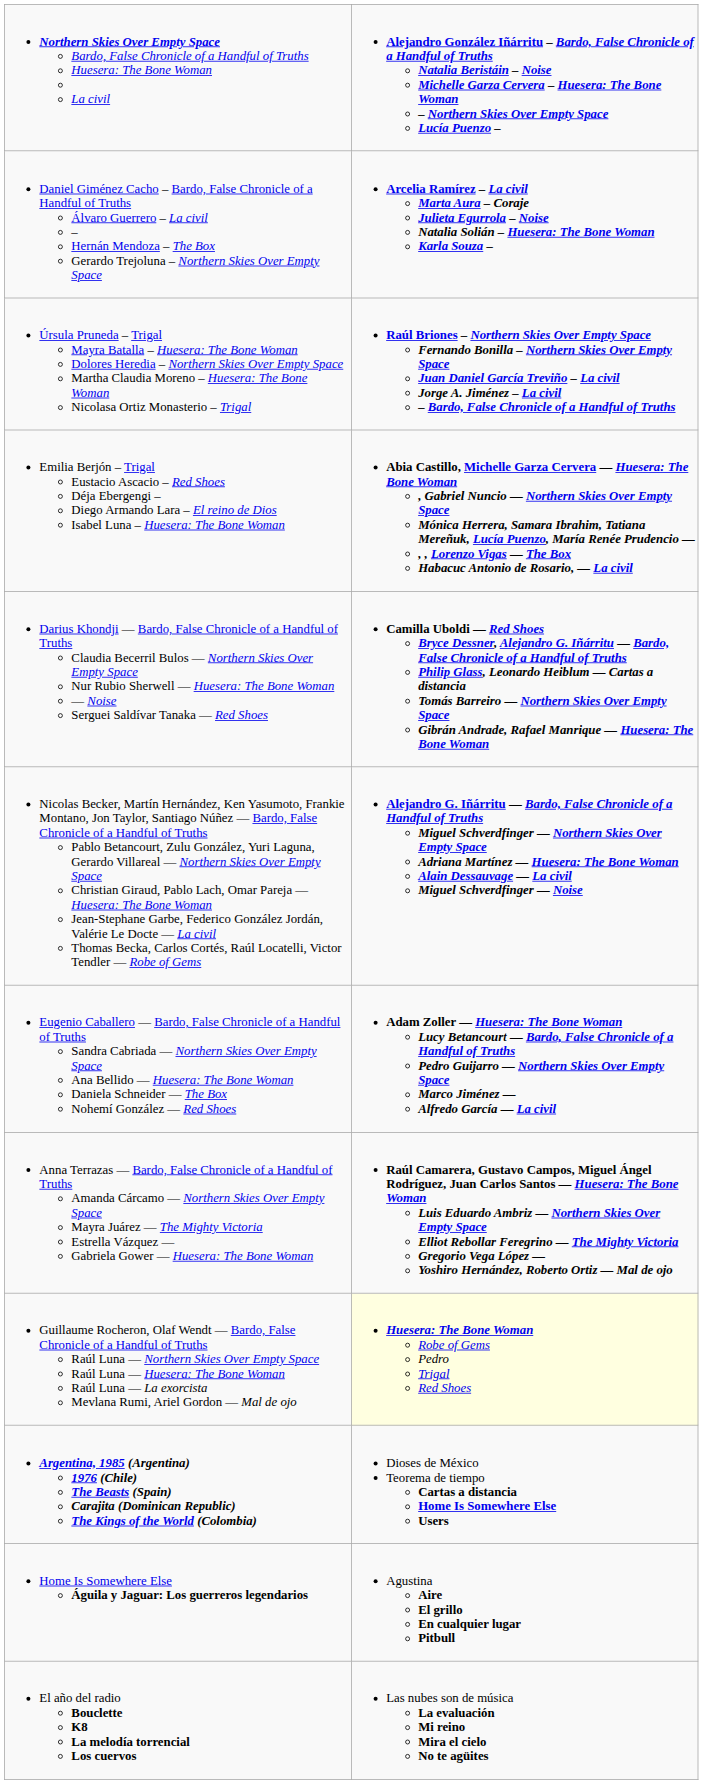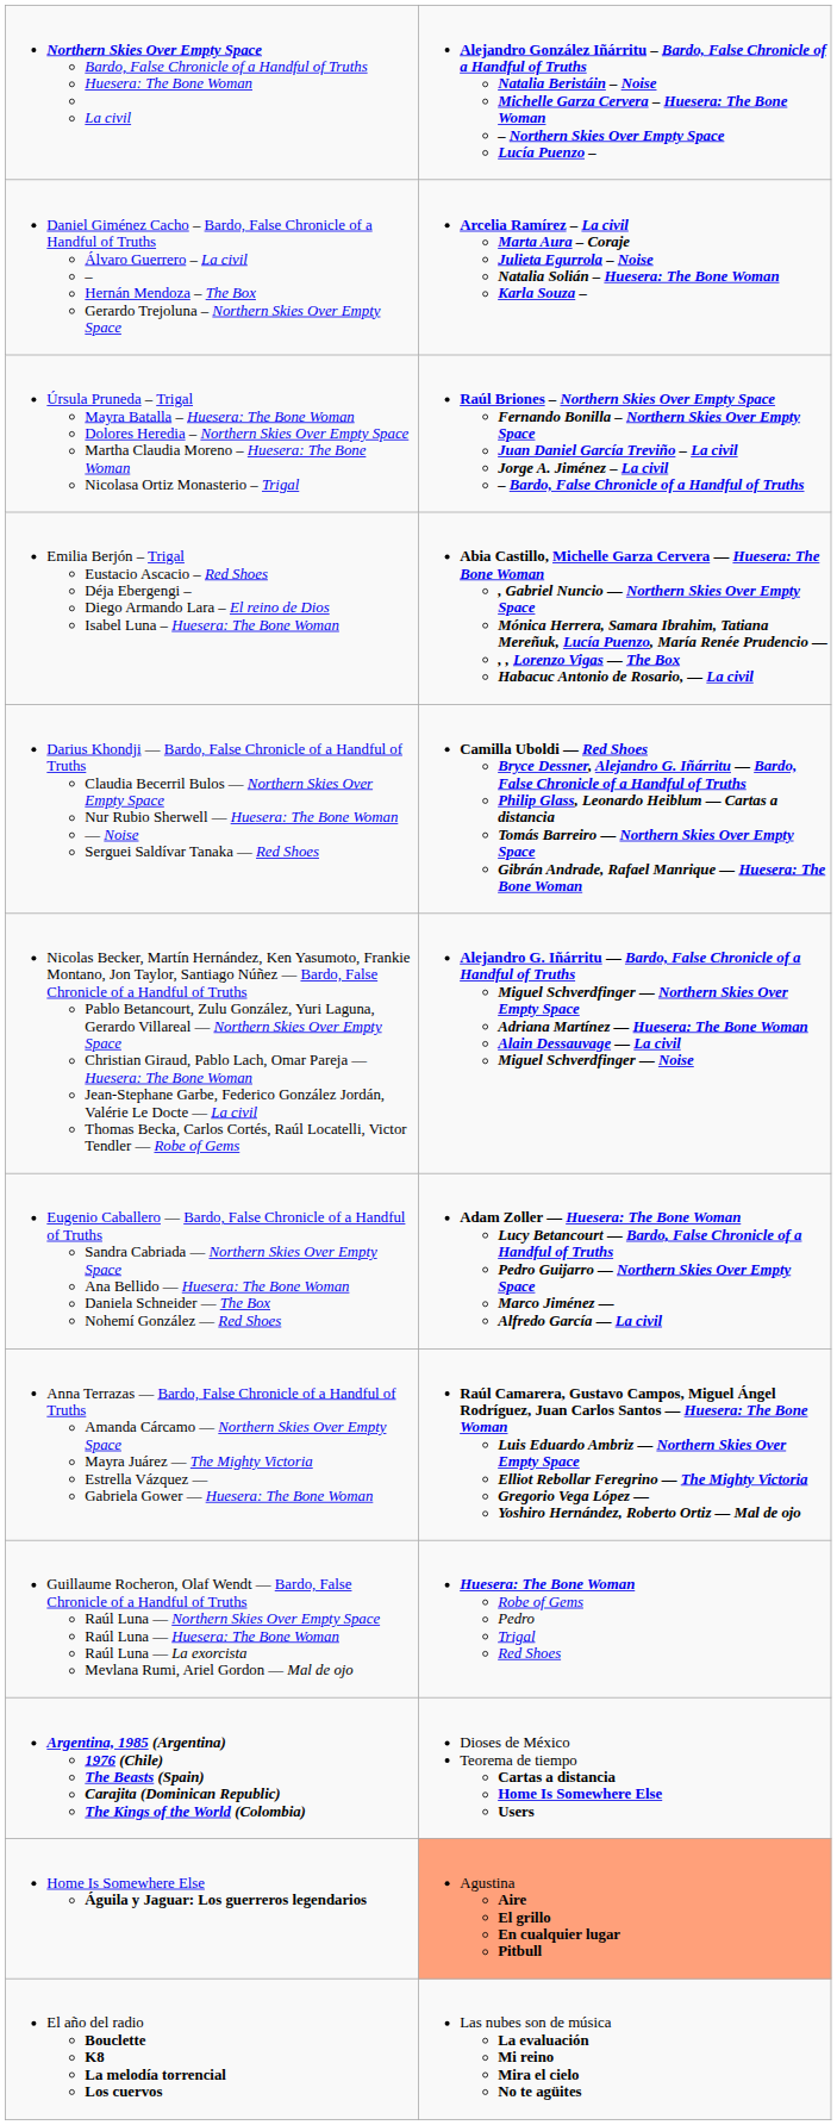 <table role="presentation" class=wikitable>
 <tr>
 <td style="vertical-align:top;" width="50%"><br><ul><li><strong><em><a href='#'>Northern Skies Over Empty Space</a></em></strong><ul><li><em><a href='#'>Bardo, False Chronicle of a Handful of Truths</a></em></li><li><em><a href='#'>Huesera: The Bone Woman</a></em></li><li><em></em></li><li><em><a href='#'>La civil</a></em></li></ul></li></ul></td>
 <td style="vertical-align:top;" width="50%"><br><ul><li><strong><a href='#'>Alejandro González Iñárritu</a> – <em><a href='#'>Bardo, False Chronicle of a Handful of Truths</a><strong><em><ul><li><a href='#'>Natalia Beristáin</a> – </em><a href='#'>Noise</a><em></li><li><a href='#'>Michelle Garza Cervera</a> – </em><a href='#'>Huesera: The Bone Woman</a><em></li><li> – </em><a href='#'>Northern Skies Over Empty Space</a><em></li><li><a href='#'>Lucía Puenzo</a> – </em><em></li></ul></li></ul></td>
 </tr>
 <tr>
 <td style="vertical-align:top;" width="50%"><br><ul><li></strong><a href='#'>Daniel Giménez Cacho</a> – </em><a href='#'>Bardo, False Chronicle of a Handful of Truths</a></em></strong><ul><li><a href='#'>Álvaro Guerrero</a> – <em><a href='#'>La civil</a></em></li><li> – <em></em></li><li><a href='#'>Hernán Mendoza</a> – <em><a href='#'>The Box</a></em></li><li>Gerardo Trejoluna – <em><a href='#'>Northern Skies Over Empty Space</a></em></li></ul></li></ul></td>
 <td style="vertical-align:top;" width="50%"><br><ul><li><strong><a href='#'>Arcelia Ramírez</a> – <em><a href='#'>La civil</a><strong><em><ul><li><a href='#'>Marta Aura</a> – </em>Coraje<em></li><li><a href='#'>Julieta Egurrola</a> – </em><a href='#'>Noise</a><em></li><li>Natalia Solián – </em><a href='#'>Huesera: The Bone Woman</a><em></li><li><a href='#'>Karla Souza</a> – </em><em></li></ul></li></ul></td>
 </tr>
 <tr>
 <td style="vertical-align:top;" width="50%"><br><ul><li></strong><a href='#'>Úrsula Pruneda</a> – </em><a href='#'>Trigal</a></em></strong><ul><li><a href='#'>Mayra Batalla</a> – <em><a href='#'>Huesera: The Bone Woman</a></em></li><li><a href='#'>Dolores Heredia</a> – <em><a href='#'>Northern Skies Over Empty Space</a></em></li><li>Martha Claudia Moreno – <em><a href='#'>Huesera: The Bone Woman</a></em></li><li>Nicolasa Ortiz Monasterio – <em><a href='#'>Trigal</a></em></li></ul></li></ul></td>
 <td style="vertical-align:top;" width="50%"><br><ul><li><strong><a href='#'>Raúl Briones</a> – <em><a href='#'>Northern Skies Over Empty Space</a><strong><em><ul><li>Fernando Bonilla – </em><a href='#'>Northern Skies Over Empty Space</a><em></li><li><a href='#'>Juan Daniel García Treviño</a> – </em><a href='#'>La civil</a><em></li><li>Jorge A. Jiménez – </em><a href='#'>La civil</a><em></li><li> – </em><a href='#'>Bardo, False Chronicle of a Handful of Truths</a><em></li></ul></li></ul></td>
 </tr>
 <tr>
 <td style="vertical-align:top;" width="50%"><br><ul><li></strong>Emilia Berjón – </em><a href='#'>Trigal</a></em></strong><ul><li>Eustacio Ascacio – <em><a href='#'>Red Shoes</a></em></li><li>Déja Ebergengi – <em></em></li><li>Diego Armando Lara – <em><a href='#'>El reino de Dios</a></em></li><li>Isabel Luna – <em><a href='#'>Huesera: The Bone Woman</a></em></li></ul></li></ul></td>
 <td style="vertical-align:top;" width="50%"><br><ul><li><strong>Abia Castillo, <a href='#'>Michelle Garza Cervera</a> — <em><a href='#'>Huesera: The Bone Woman</a><strong><em><ul><li>, Gabriel Nuncio — </em><a href='#'>Northern Skies Over Empty Space</a><em></li><li>Mónica Herrera, Samara Ibrahim, Tatiana Mereñuk, <a href='#'>Lucía Puenzo</a>, María Renée Prudencio — </em><em></li><li>, , <a href='#'>Lorenzo Vigas</a> — </em><a href='#'>The Box</a><em></li><li>Habacuc Antonio de Rosario,  — </em><a href='#'>La civil</a><em></li></ul></li></ul></td>
 </tr>
 <tr>
 <td style="vertical-align:top;" width="50%"><br><ul><li></strong><a href='#'>Darius Khondji</a> — </em><a href='#'>Bardo, False Chronicle of a Handful of Truths</a></em></strong><ul><li>Claudia Becerril Bulos — <em><a href='#'>Northern Skies Over Empty Space</a></em></li><li>Nur Rubio Sherwell — <em><a href='#'>Huesera: The Bone Woman</a></em></li><li> — <em><a href='#'>Noise</a></em></li><li>Serguei Saldívar Tanaka — <em><a href='#'>Red Shoes</a></em></li></ul></li></ul></td>
 <td style="vertical-align:top;" width="50%"><br><ul><li><strong>Camilla Uboldi — <em><a href='#'>Red Shoes</a><strong><em><ul><li><a href='#'>Bryce Dessner</a>, <a href='#'>Alejandro G. Iñárritu</a> — </em><a href='#'>Bardo, False Chronicle of a Handful of Truths</a><em></li><li><a href='#'>Philip Glass</a>, Leonardo Heiblum — </em>Cartas a distancia<em></li><li>Tomás Barreiro — </em><a href='#'>Northern Skies Over Empty Space</a><em></li><li>Gibrán Andrade, Rafael Manrique — </em><a href='#'>Huesera: The Bone Woman</a><em></li></ul></li></ul></td>
 </tr>
 <tr>
 <td style="vertical-align:top;" width="50%"><br><ul><li></strong>Nicolas Becker, Martín Hernández, Ken Yasumoto, Frankie Montano, Jon Taylor, Santiago Núñez — </em><a href='#'>Bardo, False Chronicle of a Handful of Truths</a></em></strong><ul><li>Pablo Betancourt, Zulu González, Yuri Laguna, Gerardo Villareal — <em><a href='#'>Northern Skies Over Empty Space</a></em></li><li>Christian Giraud, Pablo Lach, Omar Pareja — <em><a href='#'>Huesera: The Bone Woman</a></em></li><li>Jean-Stephane Garbe, Federico González Jordán, Valérie Le Docte — <em><a href='#'>La civil</a></em></li><li>Thomas Becka, Carlos Cortés, Raúl Locatelli, Victor Tendler — <em><a href='#'>Robe of Gems</a></em></li></ul></li></ul></td>
 <td style="vertical-align:top;" width="50%"><br><ul><li><strong><a href='#'>Alejandro G. Iñárritu</a> — <em><a href='#'>Bardo, False Chronicle of a Handful of Truths</a><strong><em><ul><li>Miguel Schverdfinger — </em><a href='#'>Northern Skies Over Empty Space</a><em></li><li>Adriana Martínez — </em><a href='#'>Huesera: The Bone Woman</a><em></li><li><a href='#'>Alain Dessauvage</a> — </em><a href='#'>La civil</a><em></li><li>Miguel Schverdfinger — </em><a href='#'>Noise</a><em></li></ul></li></ul></td>
 </tr>
 <tr>
 <td style="vertical-align:top;" width="50%"><br><ul><li></strong><a href='#'>Eugenio Caballero</a> — </em><a href='#'>Bardo, False Chronicle of a Handful of Truths</a></em></strong><ul><li>Sandra Cabriada — <em><a href='#'>Northern Skies Over Empty Space</a></em></li><li>Ana Bellido — <em><a href='#'>Huesera: The Bone Woman</a></em></li><li>Daniela Schneider — <em><a href='#'>The Box</a></em></li><li>Nohemí González — <em><a href='#'>Red Shoes</a></em></li></ul></li></ul></td>
 <td style="vertical-align:top;" width="50%"><br><ul><li><strong>Adam Zoller — <em><a href='#'>Huesera: The Bone Woman</a><strong><em><ul><li>Lucy Betancourt — </em><a href='#'>Bardo, False Chronicle of a Handful of Truths</a><em></li><li>Pedro Guijarro — </em><a href='#'>Northern Skies Over Empty Space</a><em></li><li>Marco Jiménez — </em><em></li><li>Alfredo García — </em><a href='#'>La civil</a><em></li></ul></li></ul></td>
 </tr>
 <tr>
 <td style="vertical-align:top;" width="50%"><br><ul><li></strong>Anna Terrazas — </em><a href='#'>Bardo, False Chronicle of a Handful of Truths</a></em></strong><ul><li>Amanda Cárcamo — <em><a href='#'>Northern Skies Over Empty Space</a></em></li><li>Mayra Juárez — <em><a href='#'>The Mighty Victoria</a></em></li><li>Estrella Vázquez — <em></em></li><li>Gabriela Gower — <em><a href='#'>Huesera: The Bone Woman</a></em></li></ul></li></ul></td>
 <td style="vertical-align:top;" width="50%"><br><ul><li><strong>Raúl Camarera, Gustavo Campos, Miguel Ángel Rodríguez, Juan Carlos Santos — <em><a href='#'>Huesera: The Bone Woman</a><strong><em><ul><li>Luis Eduardo Ambriz — </em><a href='#'>Northern Skies Over Empty Space</a><em></li><li>Elliot Rebollar Feregrino — </em><a href='#'>The Mighty Victoria</a><em></li><li>Gregorio Vega López — </em><em></li><li>Yoshiro Hernández, Roberto Ortiz — </em>Mal de ojo<em></li></ul></li></ul></td>
 </tr>
 <tr>
 <td style="vertical-align:top;" width="50%"><br><ul><li></strong>Guillaume Rocheron, Olaf Wendt — </em><a href='#'>Bardo, False Chronicle of a Handful of Truths</a></em></strong><ul><li>Raúl Luna — <em><a href='#'>Northern Skies Over Empty Space</a></em></li><li>Raúl Luna — <em><a href='#'>Huesera: The Bone Woman</a></em></li><li>Raúl Luna — <em>La exorcista</em></li><li>Mevlana Rumi, Ariel Gordon — <em>Mal de ojo</em></li></ul></li></ul></td>
-<td style="background: lightyellow; vertical-align:top;" width="50%"><br><ul><li><strong><em><a href='#'>Huesera: The Bone Woman</a></em></strong><ul><li><em><a href='#'>Robe of Gems</a></em></li><li><em>Pedro</em></li><li><em><a href='#'>Trigal</a></em></li><li><em><a href='#'>Red Shoes</a></em></li></ul></li></ul></td>
+<td style="vertical-align:top;" width="50%"><br><ul><li><strong><em><a href='#'>Huesera: The Bone Woman</a></em></strong><ul><li><em><a href='#'>Robe of Gems</a></em></li><li><em>Pedro</em></li><li><em><a href='#'>Trigal</a></em></li><li><em><a href='#'>Red Shoes</a></em></li></ul></li></ul></td>
 </tr>
 <tr>
 <td style="vertical-align:top;" width="50%"><br><ul><li><strong><em><a href='#'>Argentina, 1985</a><em> (Argentina)<strong><ul><li></em><a href='#'>1976</a><em> (Chile)</li><li></em><a href='#'>The Beasts</a><em> (Spain)</li><li></em>Carajita<em> (Dominican Republic)</li><li></em><a href='#'>The Kings of the World</a><em> (Colombia)</li></ul></li></ul></td>
 <td style="vertical-align:top;" width="50%"><br><ul><li></em></strong>Dioses de México<strong><em></li><li></em></strong>Teorema de tiempo<strong><em><ul><li></em>Cartas a distancia<em></li><li></em><a href='#'>Home Is Somewhere Else</a><em></li><li></em>Users<em></li></ul></li></ul></td>
 </tr>
 <tr>
 <td style="vertical-align:top;" width="50%"><br><ul><li></em></strong><a href='#'>Home Is Somewhere Else</a><strong><em><ul><li></em>Águila y Jaguar: Los guerreros legendarios<em></li></ul></li></ul></td>
-<td style="vertical-align:top;" width="50%"><br><ul><li></em></strong>Agustina<strong><em><ul><li></em>Aire<em></li><li></em>El grillo<em></li><li></em>En cualquier lugar<em></li><li></em>Pitbull<em></li></ul></li></ul></td>
+<td style="background: lightsalmon; vertical-align:top;" width="50%"><br><ul><li></em></strong>Agustina<strong><em><ul><li></em>Aire<em></li><li></em>El grillo<em></li><li></em>En cualquier lugar<em></li><li></em>Pitbull<em></li></ul></li></ul></td>
 </tr>
 <tr>
 <td style="vertical-align:top;" width="50%"><br><ul><li></em></strong>El año del radio<strong><em><ul><li></em>Bouclette<em></li><li></em>K8<em></li><li></em>La melodía torrencial<em></li><li></em>Los cuervos<em></li></ul></li></ul></td>
 <td style="vertical-align:top;" width="50%"><br><ul><li></em></strong>Las nubes son de música<strong><em><ul><li></em>La evaluación<em></li><li></em>Mi reino<em></li><li></em>Mira el cielo<em></li><li></em>No te agüites<em></li></ul></li></ul></td>
 </tr>
 </table>
